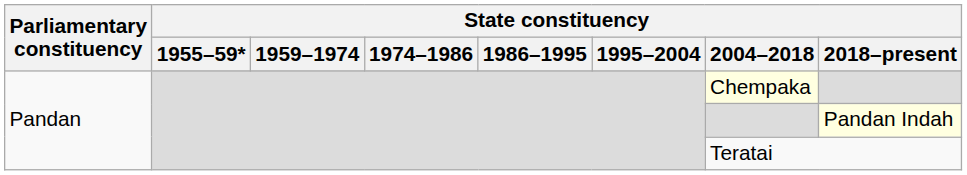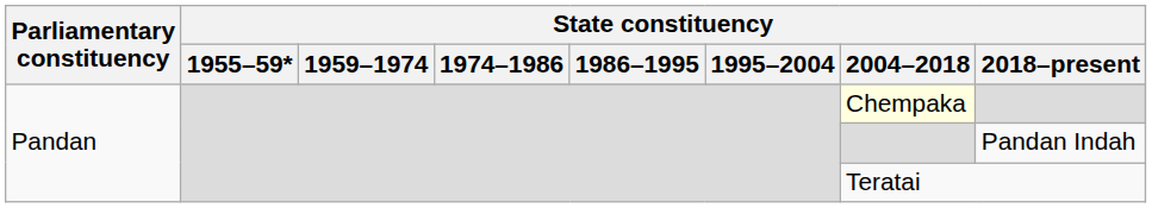 <table class="wikitable">
 <tr>
 <th rowspan="2">Parliamentary<br>constituency</th>
 <th colspan="7">State constituency</th>
 </tr>
 <tr>
 <th>1955–59*</th>
 <th>1959–1974</th>
 <th>1974–1986</th>
 <th>1986–1995</th>
 <th>1995–2004</th>
 <th>2004–2018</th>
 <th>2018–present</th>
 </tr>
 <tr>
 <td rowspan="3">Pandan</td>
 <td colspan="5" rowspan="3" bgcolor="dcdcdc"></td>
 <td style="background: lightyellow;">Chempaka</td>
 <td bgcolor="dcdcdc"></td>
 </tr>
 <tr>
 <td bgcolor="dcdcdc"></td>
-<td style="background: lightyellow;">Pandan Indah</td>
+<td>Pandan Indah</td>
 </tr>
 <tr>
 <td colspan="2">Teratai</td>
 </tr>
 </table>
